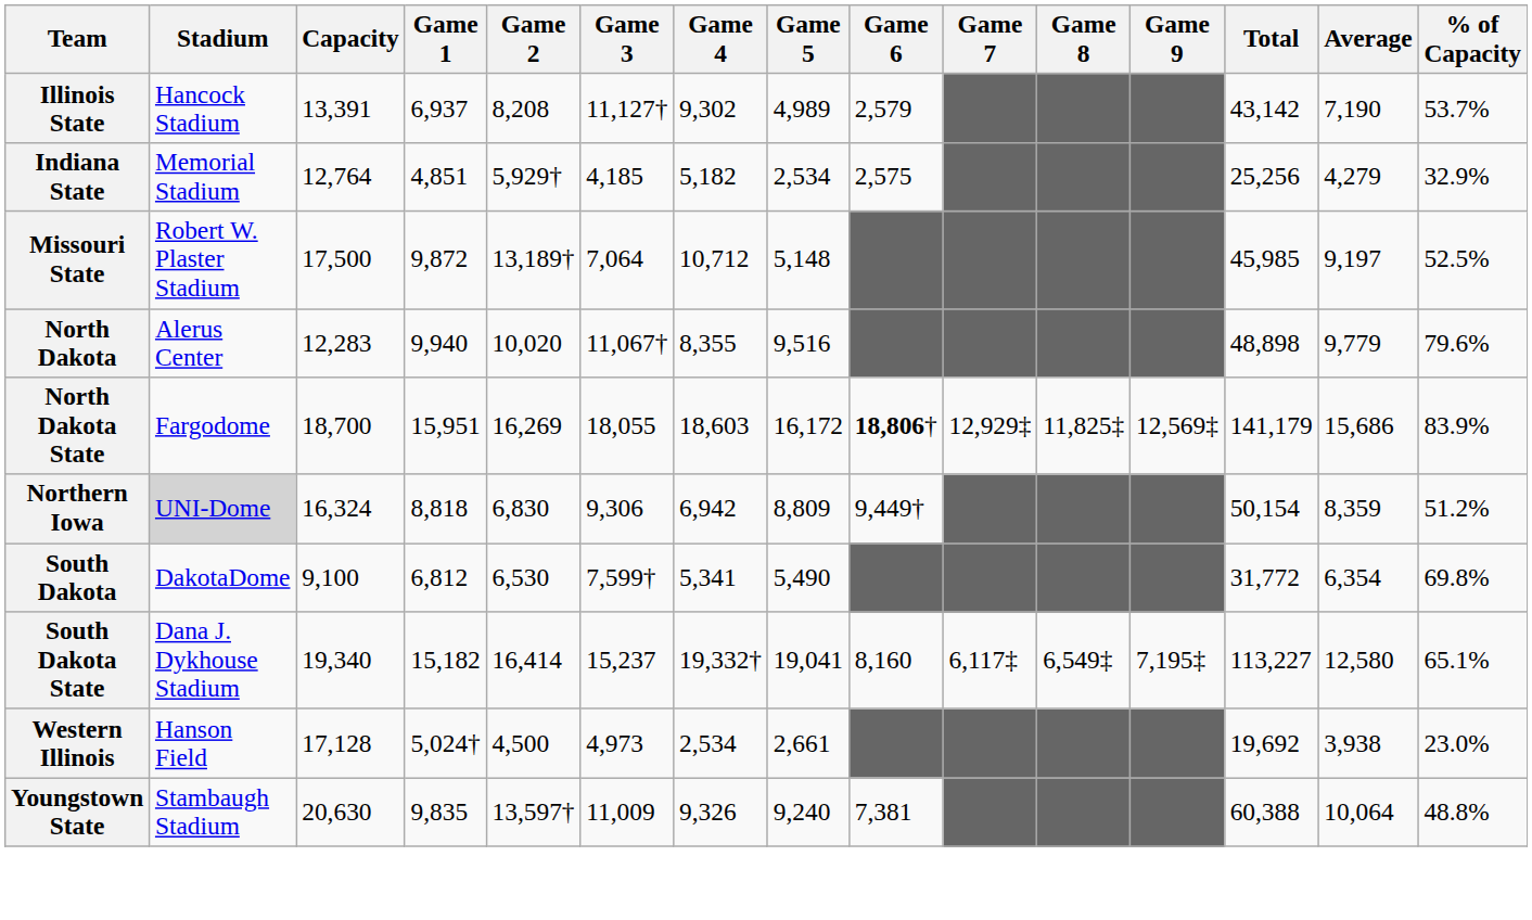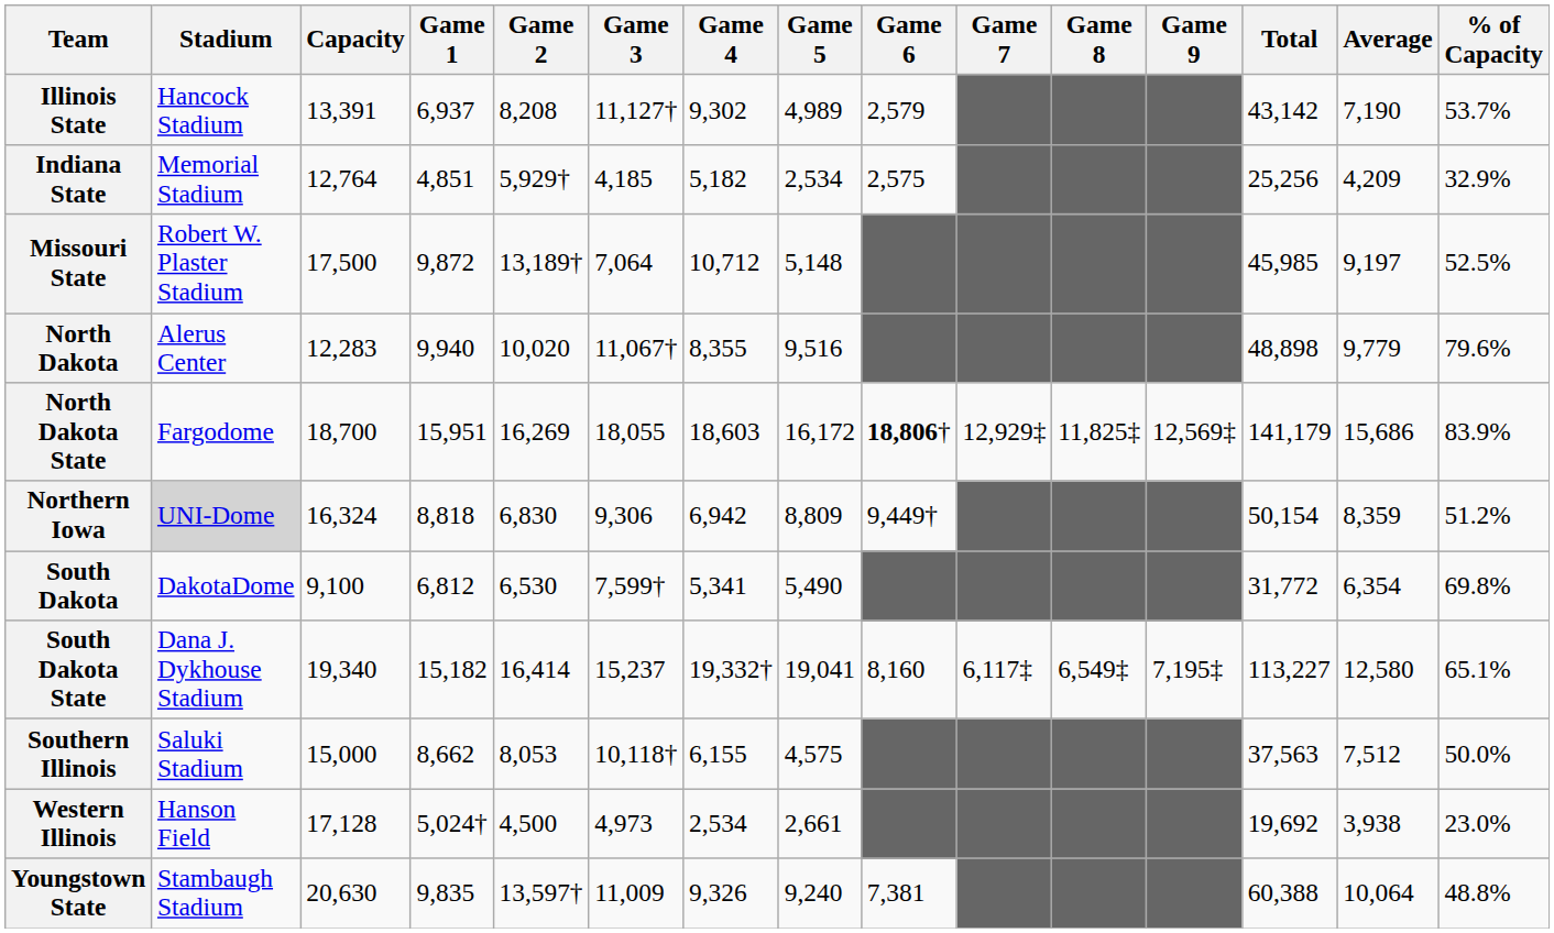 <table class="wikitable sortable">
 <tr>
 <th>Team</th>
 <th>Stadium</th>
 <th>Capacity</th>
 <th>Game 1</th>
 <th>Game 2</th>
 <th>Game 3</th>
 <th>Game 4</th>
 <th>Game 5</th>
 <th>Game 6</th>
 <th>Game 7</th>
 <th>Game 8</th>
 <th>Game 9</th>
 <th>Total</th>
 <th>Average</th>
 <th>% of Capacity</th>
 </tr>
 <tr>
 <th>Illinois State</th>
 <td><a href='#'>Hancock Stadium</a></td>
 <td>13,391</td>
 <td>6,937</td>
 <td>8,208</td>
 <td>11,127†</td>
 <td>9,302</td>
 <td>4,989</td>
 <td>2,579</td>
 <td style="background:#666666;"></td>
 <td style="background:#666666;"></td>
 <td style="background:#666666;"></td>
 <td>43,142</td>
 <td>7,190</td>
 <td>53.7%</td>
 </tr>
 <tr>
 <th>Indiana State</th>
 <td><a href='#'>Memorial Stadium</a></td>
 <td>12,764</td>
 <td>4,851</td>
 <td>5,929†</td>
 <td>4,185</td>
 <td>5,182</td>
 <td>2,534</td>
 <td>2,575</td>
 <td style="background:#666666;"></td>
 <td style="background:#666666;"></td>
 <td style="background:#666666;"></td>
 <td>25,256</td>
-<td>4,279</td>
+<td>4,209</td>
 <td>32.9%</td>
 </tr>
 <tr>
 <th>Missouri State</th>
 <td><a href='#'>Robert W. Plaster Stadium</a></td>
 <td>17,500</td>
 <td>9,872</td>
 <td>13,189†</td>
 <td>7,064</td>
 <td>10,712</td>
 <td>5,148</td>
 <td style="background:#666666;"></td>
 <td style="background:#666666;"></td>
 <td style="background:#666666;"></td>
 <td style="background:#666666;"></td>
 <td>45,985</td>
 <td>9,197</td>
 <td>52.5%</td>
 </tr>
 <tr>
 <th>North Dakota</th>
 <td><a href='#'>Alerus Center</a></td>
 <td>12,283</td>
 <td>9,940</td>
 <td>10,020</td>
 <td>11,067†</td>
 <td>8,355</td>
 <td>9,516</td>
 <td style="background:#666666;"></td>
 <td style="background:#666666;"></td>
 <td style="background:#666666;"></td>
 <td style="background:#666666;"></td>
 <td>48,898</td>
 <td>9,779</td>
 <td>79.6%</td>
 </tr>
 <tr>
 <th>North Dakota State</th>
 <td><a href='#'>Fargodome</a></td>
 <td>18,700</td>
 <td>15,951</td>
 <td>16,269</td>
 <td>18,055</td>
 <td>18,603</td>
 <td>16,172</td>
 <td><strong>18,806</strong>†</td>
 <td>12,929‡</td>
 <td>11,825‡</td>
 <td>12,569‡</td>
 <td>141,179</td>
 <td>15,686</td>
 <td>83.9%</td>
 </tr>
 <tr>
 <th>Northern Iowa</th>
 <td style="background: lightgrey;"><a href='#'>UNI-Dome</a></td>
 <td>16,324</td>
 <td>8,818</td>
 <td>6,830</td>
 <td>9,306</td>
 <td>6,942</td>
 <td>8,809</td>
 <td>9,449†</td>
 <td style="background:#666666;"></td>
 <td style="background:#666666;"></td>
 <td style="background:#666666;"></td>
 <td>50,154</td>
 <td>8,359</td>
 <td>51.2%</td>
 </tr>
 <tr>
 <th>South Dakota</th>
 <td><a href='#'>DakotaDome</a></td>
 <td>9,100</td>
 <td>6,812</td>
 <td>6,530</td>
 <td>7,599†</td>
 <td>5,341</td>
 <td>5,490</td>
 <td style="background:#666666;"></td>
 <td style="background:#666666;"></td>
 <td style="background:#666666;"></td>
 <td style="background:#666666;"></td>
 <td>31,772</td>
 <td>6,354</td>
 <td>69.8%</td>
 </tr>
 <tr>
 <th>South Dakota State</th>
 <td><a href='#'>Dana J. Dykhouse Stadium</a></td>
 <td>19,340</td>
 <td>15,182</td>
 <td>16,414</td>
 <td>15,237</td>
 <td>19,332†</td>
 <td>19,041</td>
 <td>8,160</td>
 <td>6,117‡</td>
 <td>6,549‡</td>
 <td>7,195‡</td>
 <td>113,227</td>
 <td>12,580</td>
 <td>65.1%</td>
 </tr>
 <tr>
+<th>Southern Illinois</th>
+<td><a href='#'>Saluki Stadium</a></td>
+<td>15,000</td>
+<td>8,662</td>
+<td>8,053</td>
+<td>10,118†</td>
+<td>6,155</td>
+<td>4,575</td>
+<td style="background:#666666;"></td>
+<td style="background:#666666;"></td>
+<td style="background:#666666;"></td>
+<td style="background:#666666;"></td>
+<td>37,563</td>
+<td>7,512</td>
+<td>50.0%</td>
+</tr>
+<tr>
 <th>Western Illinois</th>
 <td><a href='#'>Hanson Field</a></td>
 <td>17,128</td>
 <td>5,024†</td>
 <td>4,500</td>
 <td>4,973</td>
 <td>2,534</td>
 <td>2,661</td>
 <td style="background:#666666;"></td>
 <td style="background:#666666;"></td>
 <td style="background:#666666;"></td>
 <td style="background:#666666;"></td>
 <td>19,692</td>
 <td>3,938</td>
 <td>23.0%</td>
 </tr>
 <tr>
 <th>Youngstown State</th>
 <td><a href='#'>Stambaugh Stadium</a></td>
 <td>20,630</td>
 <td>9,835</td>
 <td>13,597†</td>
 <td>11,009</td>
 <td>9,326</td>
 <td>9,240</td>
 <td>7,381</td>
 <td style="background:#666666;"></td>
 <td style="background:#666666;"></td>
 <td style="background:#666666;"></td>
 <td>60,388</td>
 <td>10,064</td>
 <td>48.8%</td>
 </tr>
 </table>
